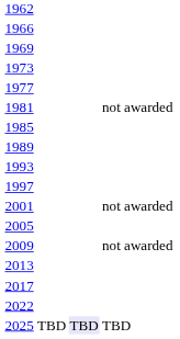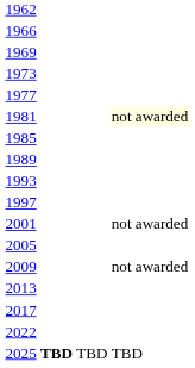 <table>
 <tr>
 <td><a href='#'>1962</a></td>
 <td></td>
 <td></td>
 <td></td>
 </tr>
 <tr>
 <td><a href='#'>1966</a></td>
 <td></td>
 <td></td>
 <td></td>
 </tr>
 <tr>
 <td><a href='#'>1969</a></td>
 <td></td>
 <td></td>
 <td></td>
 </tr>
 <tr>
 <td><a href='#'>1973</a></td>
 <td></td>
 <td></td>
 <td></td>
 </tr>
 <tr>
 <td><a href='#'>1977</a></td>
 <td></td>
 <td></td>
 <td></td>
 </tr>
 <tr>
 <td><a href='#'>1981</a></td>
 <td></td>
 <td><br></td>
-<td>not awarded</td>
+<td style="background: lightyellow;">not awarded</td>
 </tr>
 <tr>
 <td><a href='#'>1985</a></td>
 <td></td>
 <td></td>
 <td></td>
 </tr>
 <tr>
 <td><a href='#'>1989</a></td>
 <td></td>
 <td></td>
 <td></td>
 </tr>
 <tr>
 <td><a href='#'>1993</a></td>
 <td></td>
 <td></td>
 <td></td>
 </tr>
 <tr>
 <td><a href='#'>1997</a></td>
 <td></td>
 <td></td>
 <td></td>
 </tr>
 <tr>
 <td><a href='#'>2001</a></td>
 <td><br></td>
 <td><br></td>
 <td>not awarded</td>
 </tr>
 <tr>
 <td><a href='#'>2005</a></td>
 <td></td>
 <td></td>
 <td></td>
 </tr>
 <tr>
 <td><a href='#'>2009</a></td>
 <td><br></td>
 <td></td>
 <td>not awarded</td>
 </tr>
 <tr>
 <td><a href='#'>2013</a></td>
 <td></td>
 <td></td>
 <td></td>
 </tr>
 <tr>
 <td><a href='#'>2017</a></td>
 <td></td>
 <td></td>
 <td></td>
 </tr>
 <tr>
 <td><a href='#'>2022</a></td>
 <td></td>
 <td></td>
 <td></td>
 </tr>
 <tr>
 <td><a href='#'>2025</a></td>
+<td><strong>TBD</strong></td>
 <td>TBD</td>
-<td style="background: lavender;">TBD</td>
 <td>TBD</td>
 </tr>
 </table>
